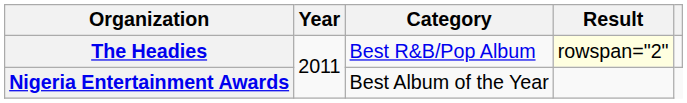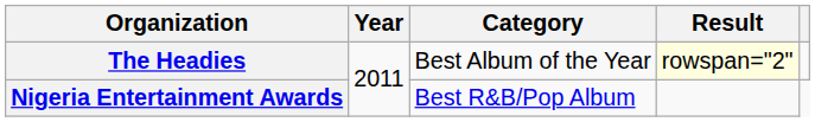 <table class="wikitable sortable plainrowheaders" style="border:none; margin:0;">
 <tr>
 <th scope="col">Organization</th>
 <th scope="col">Year</th>
 <th scope="col">Category</th>
 <th scope="col">Result</th>
 <th class="unsortable" scope="col"></th>
 </tr>
 <tr>
 <th scope="row"><a href='#'>The Headies</a></th>
 <td rowspan="2">2011</td>
-<td><a href='#'>Best R&B/Pop Album</a></td>
+<td>Best Album of the Year</td>
 <td style="background: lightyellow;">rowspan="2" </td>
 <td></td>
 </tr>
 <tr>
 <th scope="row"><a href='#'>Nigeria Entertainment Awards</a></th>
-<td>Best Album of the Year</td>
+<td><a href='#'>Best R&B/Pop Album</a></td>
 <td></td>
 </tr>
 <tr>
 </tr>
 </table>
